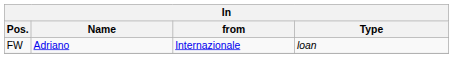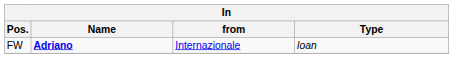 <table class="wikitable" style="font-size:90%;width:99%;">
 <tr>
 <th colspan="4">In</th>
 </tr>
 <tr>
 <th width=3%>Pos.</th>
 <th width=33%>Name</th>
 <th width=28%>from</th>
 <th width=50%>Type</th>
 </tr>
 <tr>
 <td>FW</td>
-<td><a href='#'>Adriano</a></td>
+<td><strong><a href='#'>Adriano</a></strong></td>
 <td><a href='#'>Internazionale</a></td>
 <td><em>loan</em></td>
 </tr>
 <tr>
 </tr>
 </table>
